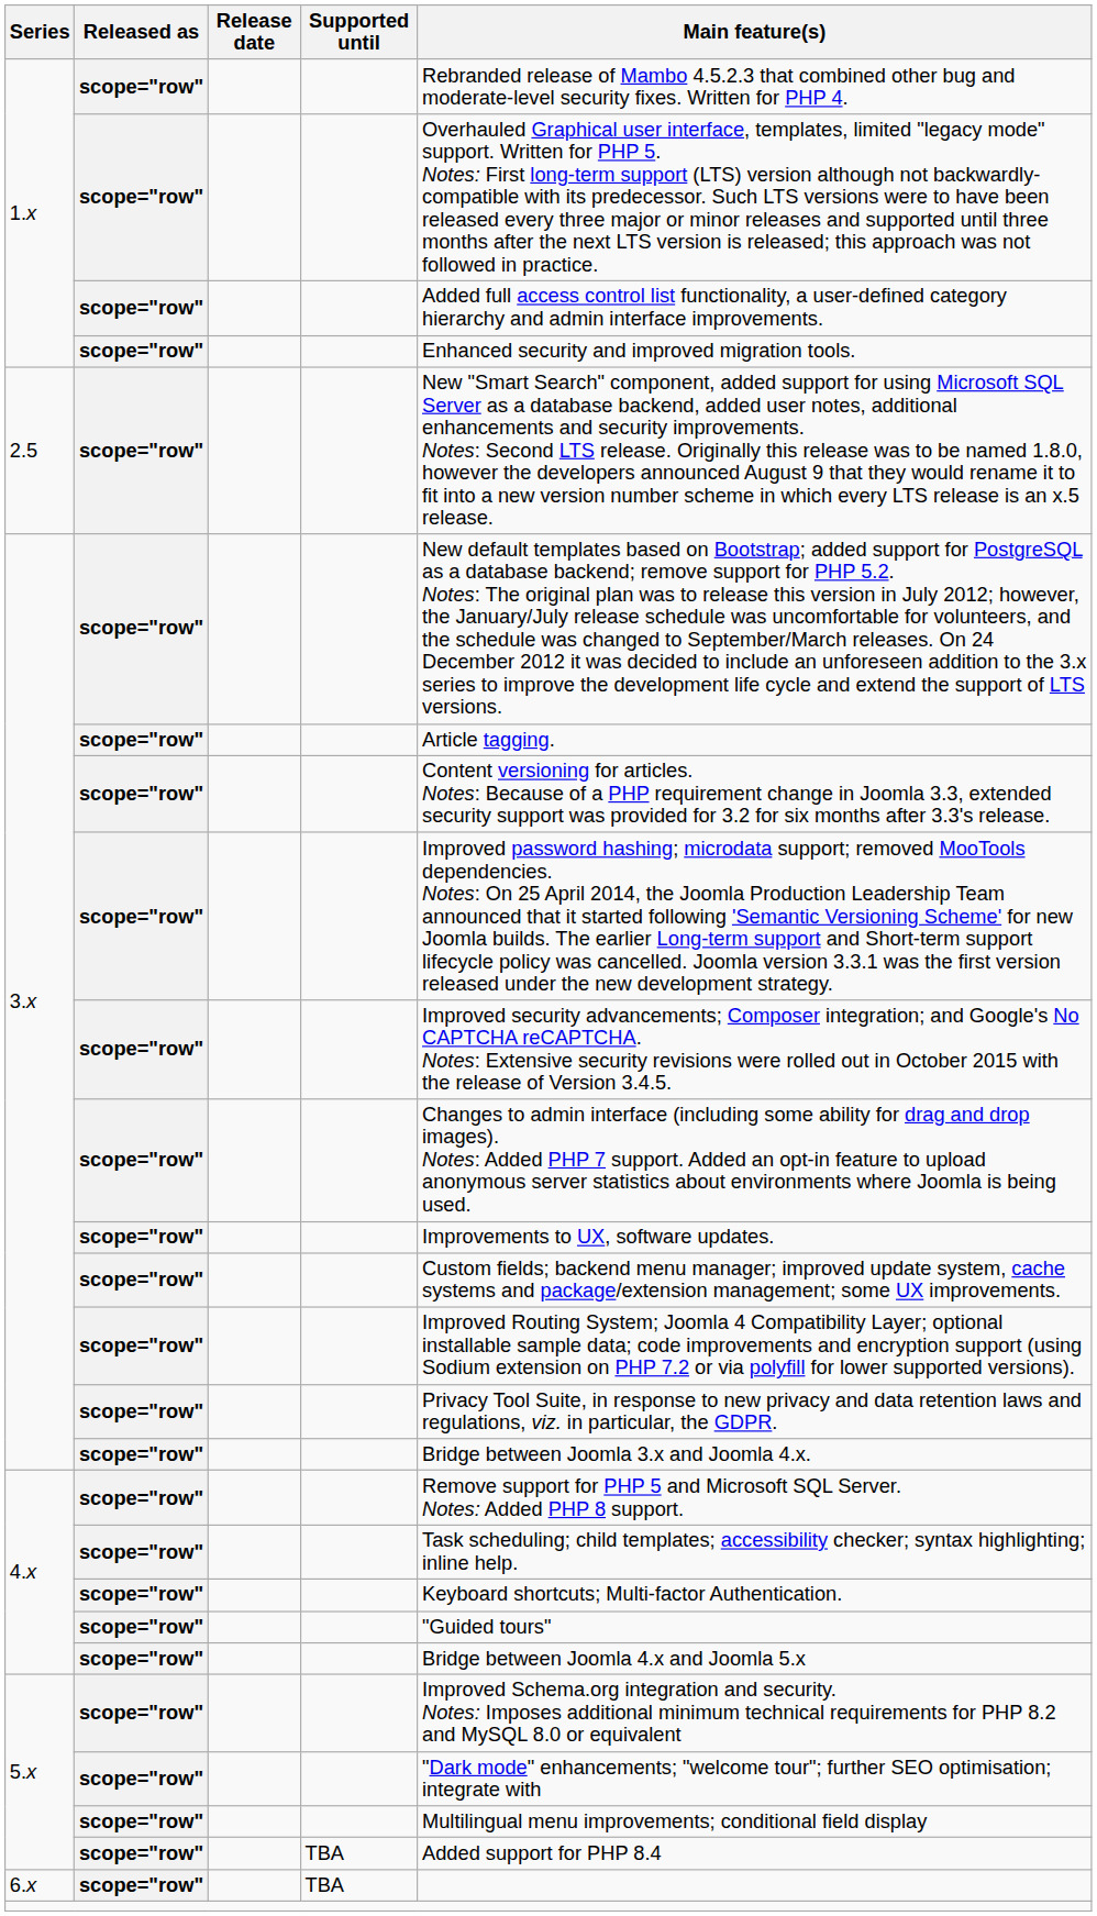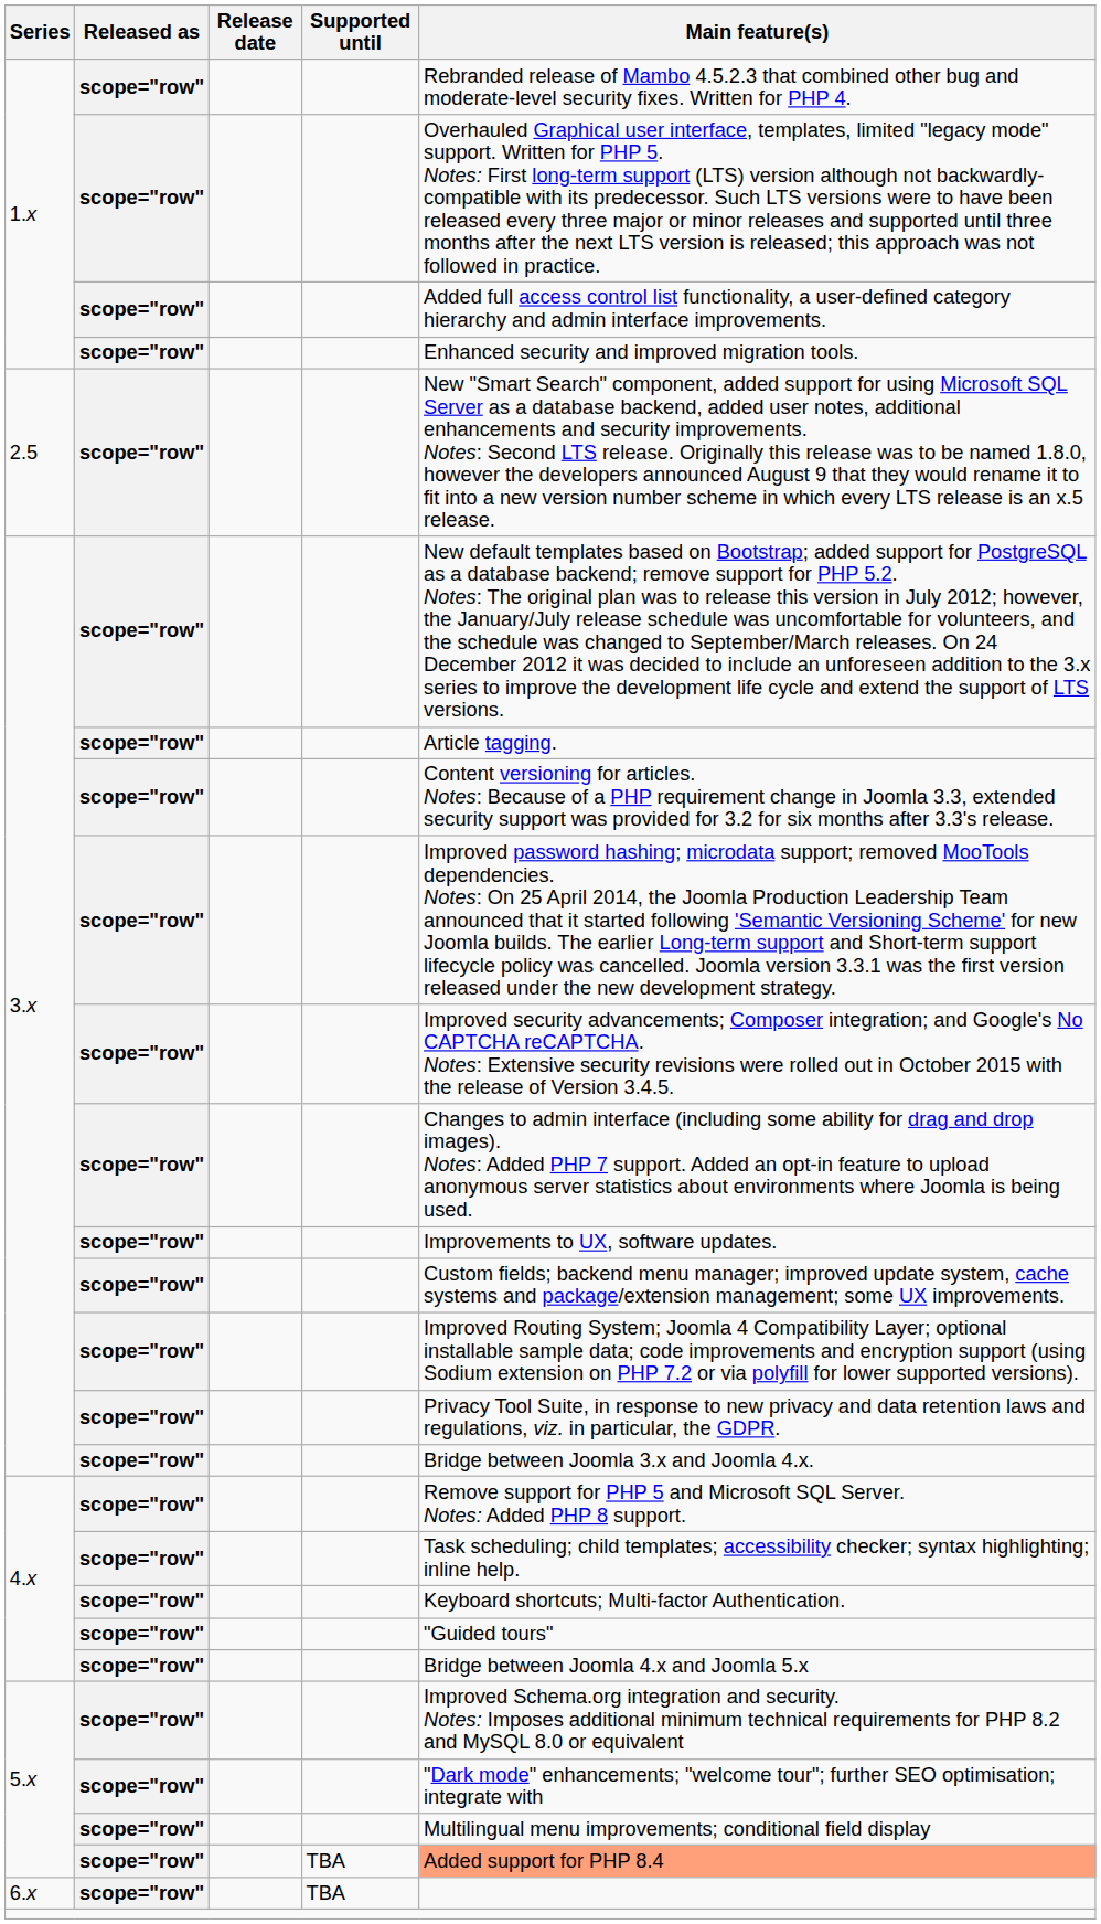 <table class="wikitable sortable">
 <tr>
 <th scope="col" class="unsortable">Series</th>
 <th scope="col">Released as</th>
 <th scope="col" class="unsortable">Release date</th>
 <th scope="col" class="unsortable">Supported until</th>
 <th scope="col" class="unsortable">Main feature(s)</th>
 </tr>
 <tr>
 <td rowspan="4">1.<em>x</em></td>
 <th>scope="row" </th>
 <td></td>
 <td></td>
 <td>Rebranded release of <a href='#'>Mambo</a> 4.5.2.3 that combined other bug and moderate-level security fixes. Written for <a href='#'>PHP 4</a>.</td>
 </tr>
 <tr>
 <th>scope="row" </th>
 <td></td>
 <td></td>
 <td>Overhauled <a href='#'>Graphical user interface</a>, templates, limited "legacy mode" support. Written for <a href='#'>PHP 5</a>.<br><em>Notes:</em> First <a href='#'>long-term support</a> (LTS) version although not backwardly-compatible with its predecessor. Such LTS versions were to have been released every three major or minor releases and supported until three months after the next LTS version is released; this approach was not followed in practice.</td>
 </tr>
 <tr>
 <th>scope="row" </th>
 <td></td>
 <td></td>
 <td>Added full <a href='#'>access control list</a> functionality, a user-defined category hierarchy and admin interface improvements.</td>
 </tr>
 <tr>
 <th>scope="row" </th>
 <td></td>
 <td></td>
 <td>Enhanced security and improved migration tools.</td>
 </tr>
 <tr>
 <td>2.5</td>
 <th>scope="row" </th>
 <td></td>
 <td></td>
 <td>New "Smart Search" component, added support for using <a href='#'>Microsoft SQL Server</a> as a database backend, added user notes, additional enhancements and security improvements.<br><em>Notes</em>: Second <a href='#'>LTS</a> release. Originally this release was to be named 1.8.0, however the developers announced August 9 that they would rename it to fit into a new version number scheme in which every LTS release is an x.5 release.</td>
 </tr>
 <tr>
 <td rowspan="11">3.<em>x</em></td>
 <th>scope="row" </th>
 <td></td>
 <td></td>
 <td>New default templates based on <a href='#'>Bootstrap</a>; added support for <a href='#'>PostgreSQL</a> as a database backend; remove support for <a href='#'>PHP 5.2</a>.<br><em>Notes</em>: The original plan was to release this version in July 2012; however, the January/July release schedule was uncomfortable for volunteers, and the schedule was changed to September/March releases. On 24 December 2012 it was decided to include an unforeseen addition to the 3.x series to improve the development life cycle and extend the support of <a href='#'>LTS</a> versions.</td>
 </tr>
 <tr>
 <th>scope="row" </th>
 <td></td>
 <td></td>
 <td>Article <a href='#'>tagging</a>.</td>
 </tr>
 <tr>
 <th>scope="row" </th>
 <td></td>
 <td></td>
 <td>Content <a href='#'>versioning</a> for articles.<br><em>Notes</em>: Because of a <a href='#'>PHP</a> requirement change in Joomla 3.3, extended security support was provided for 3.2 for six months after 3.3's release.</td>
 </tr>
 <tr>
 <th>scope="row" </th>
 <td></td>
 <td></td>
 <td>Improved <a href='#'>password hashing</a>; <a href='#'>microdata</a> support; removed <a href='#'>MooTools</a> dependencies.<br><em>Notes</em>: On 25 April 2014, the Joomla Production Leadership Team announced that it started following <a href='#'>'Semantic Versioning Scheme'</a> for new Joomla builds. The earlier <a href='#'>Long-term support</a> and Short-term support lifecycle policy was cancelled. Joomla version 3.3.1 was the first version released under the new development strategy.</td>
 </tr>
 <tr>
 <th>scope="row" </th>
 <td></td>
 <td></td>
 <td>Improved security advancements; <a href='#'>Composer</a> integration; and Google's <a href='#'>No CAPTCHA reCAPTCHA</a>.<br><em>Notes</em>: Extensive security revisions were rolled out in October 2015 with the release of Version 3.4.5.</td>
 </tr>
 <tr>
 <th>scope="row" </th>
 <td></td>
 <td></td>
 <td>Changes to admin interface (including some ability for <a href='#'>drag and drop</a> images).<br><em>Notes</em>: Added <a href='#'>PHP 7</a> support. Added an opt-in feature to upload anonymous server statistics about environments where Joomla is being used.</td>
 </tr>
 <tr>
 <th>scope="row" </th>
 <td></td>
 <td></td>
 <td>Improvements to <a href='#'>UX</a>, software updates.</td>
 </tr>
 <tr>
 <th>scope="row" </th>
 <td></td>
 <td></td>
 <td>Custom fields; backend menu manager; improved update system, <a href='#'>cache</a> systems and <a href='#'>package</a>/extension management; some <a href='#'>UX</a> improvements.</td>
 </tr>
 <tr>
 <th>scope="row" </th>
 <td></td>
 <td></td>
 <td>Improved Routing System; Joomla 4 Compatibility Layer; optional installable sample data; code improvements and encryption support (using Sodium extension on <a href='#'>PHP 7.2</a> or via <a href='#'>polyfill</a> for lower supported versions).</td>
 </tr>
 <tr>
 <th>scope="row" </th>
 <td></td>
 <td></td>
 <td>Privacy Tool Suite, in response to new privacy and data retention laws and regulations, <em>viz.</em> in particular, the <a href='#'>GDPR</a>.</td>
 </tr>
 <tr>
 <th>scope="row" </th>
 <td></td>
 <td></td>
 <td>Bridge between Joomla 3.x and Joomla 4.x.</td>
 </tr>
 <tr>
 <td rowspan="5">4.<em>x</em></td>
 <th>scope="row" </th>
 <td></td>
 <td></td>
 <td>Remove support for <a href='#'>PHP 5</a> and Microsoft SQL Server.<br><em>Notes:</em> Added <a href='#'>PHP 8</a> support.</td>
 </tr>
 <tr>
 <th>scope="row" </th>
 <td></td>
 <td></td>
 <td>Task scheduling; child templates; <a href='#'>accessibility</a> checker; syntax highlighting; inline help.</td>
 </tr>
 <tr>
 <th>scope="row" </th>
 <td></td>
 <td></td>
 <td>Keyboard shortcuts; Multi-factor Authentication.</td>
 </tr>
 <tr>
 <th>scope="row" </th>
 <td></td>
 <td></td>
 <td>"Guided tours"</td>
 </tr>
 <tr>
 <th>scope="row" </th>
 <td></td>
 <td></td>
 <td>Bridge between Joomla 4.x and Joomla 5.x</td>
 </tr>
 <tr>
 <td rowspan="4">5.<em>x</em></td>
 <th>scope="row" </th>
 <td></td>
 <td></td>
 <td>Improved Schema.org integration and security.<br><em>Notes:</em> Imposes additional minimum technical requirements for PHP 8.2 and MySQL 8.0 or equivalent</td>
 </tr>
 <tr>
 <th>scope="row" </th>
 <td></td>
 <td></td>
 <td>"<a href='#'>Dark mode</a>" enhancements; "welcome tour"; further SEO optimisation; integrate with </td>
 </tr>
 <tr>
 <th>scope="row" </th>
 <td></td>
 <td></td>
 <td>Multilingual menu improvements; conditional field display</td>
 </tr>
 <tr>
 <th>scope="row" </th>
 <td></td>
 <td>TBA</td>
-<td>Added support for PHP 8.4</td>
+<td style="background: lightsalmon;">Added support for PHP 8.4</td>
 </tr>
 <tr>
 <td rowspan="1">6.<em>x</em></td>
 <th>scope="row" </th>
 <td></td>
 <td>TBA</td>
 <td></td>
 </tr>
 <tr>
 <td colspan="5"></td>
 </tr>
 </table>
